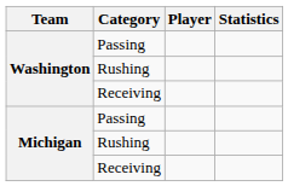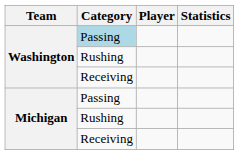 <table class="wikitable" style="float:right">
 <tr>
 <th>Team</th>
 <th>Category</th>
 <th>Player</th>
 <th>Statistics</th>
 </tr>
 <tr>
 <th rowspan=3>Washington</th>
-<td>Passing</td>
+<td style="background: lightblue;">Passing</td>
 <td></td>
 <td></td>
 </tr>
 <tr>
 <td>Rushing</td>
 <td></td>
 <td></td>
 </tr>
 <tr>
 <td>Receiving</td>
 <td></td>
 <td></td>
 </tr>
 <tr>
 <th rowspan=3>Michigan</th>
 <td>Passing</td>
 <td></td>
 <td></td>
 </tr>
 <tr>
 <td>Rushing</td>
 <td></td>
 <td></td>
 </tr>
 <tr>
 <td>Receiving</td>
 <td></td>
 <td></td>
 </tr>
 </table>
